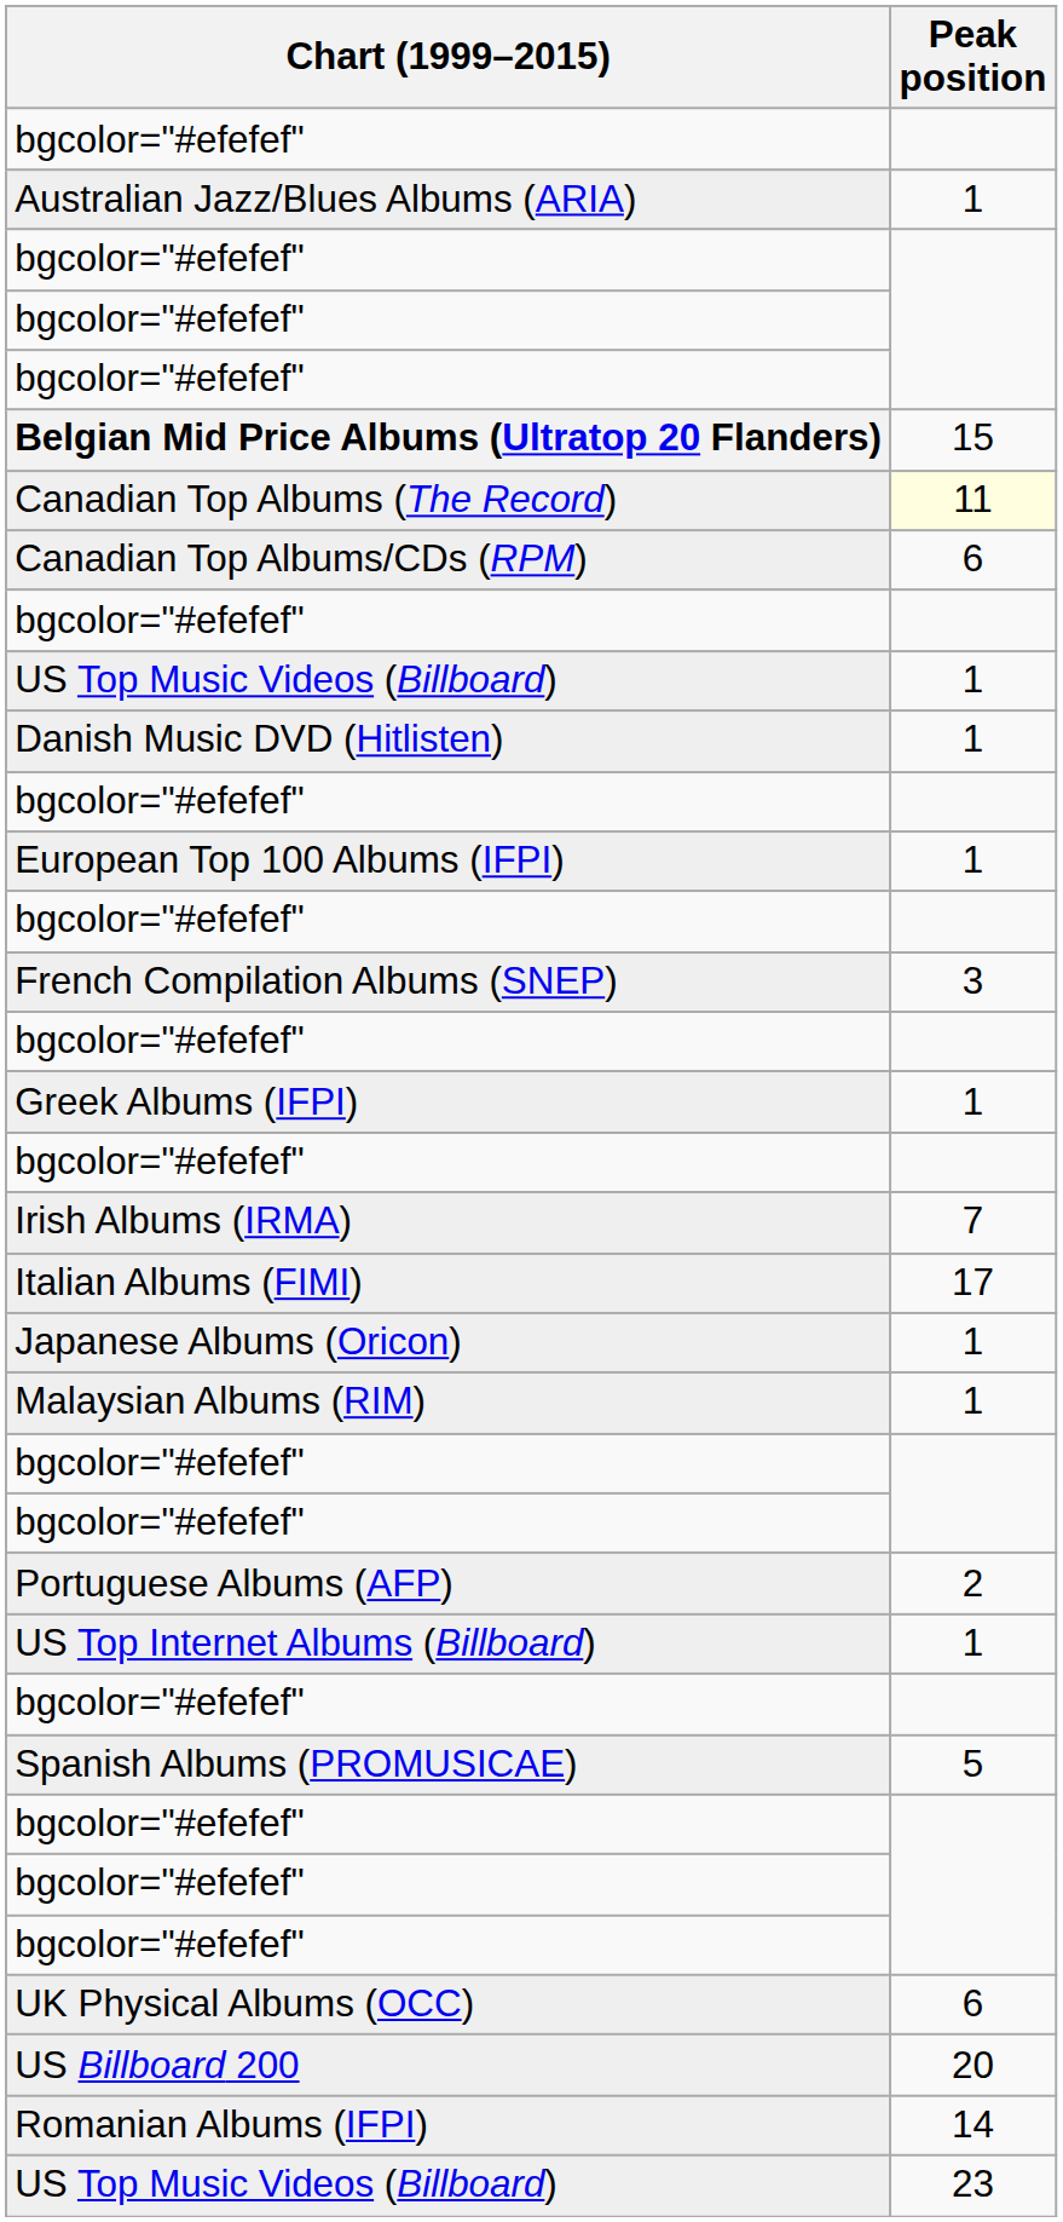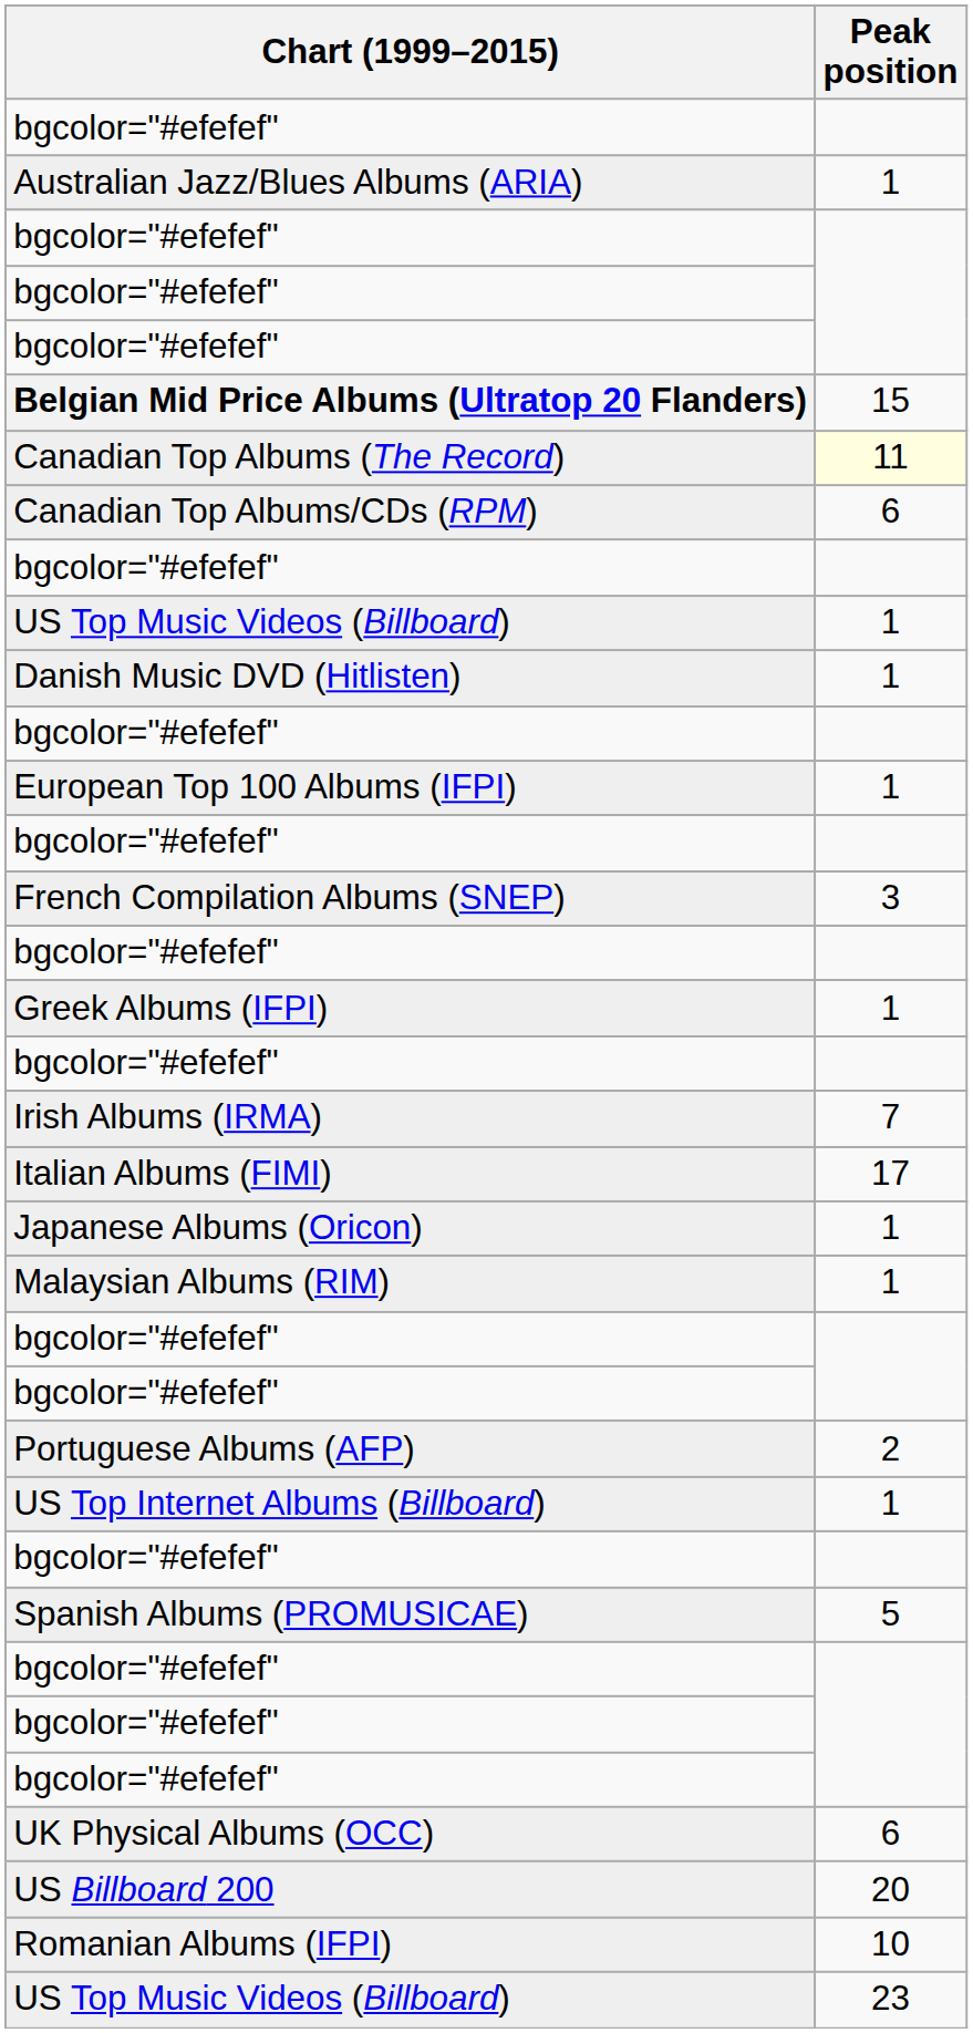 <table class="wikitable sortable plainrowheaders">
 <tr>
 <th>Chart (1999–2015)</th>
 <th>Peak<br>position</th>
 </tr>
 <tr>
 <td>bgcolor="#efefef" </td>
 </tr>
 <tr>
 <td bgcolor="#efefef">Australian Jazz/Blues Albums (<a href='#'>ARIA</a>)</td>
 <td align="center">1</td>
 </tr>
 <tr>
 <td>bgcolor="#efefef" </td>
 </tr>
 <tr>
 <td>bgcolor="#efefef" </td>
 </tr>
 <tr>
 <td>bgcolor="#efefef" </td>
 </tr>
 <tr>
 <th scope="row">Belgian Mid Price Albums (<a href='#'>Ultratop 20</a> Flanders)</th>
 <td align="center">15</td>
 </tr>
 <tr>
 <td bgcolor="#efefef">Canadian Top Albums (<a href='#'><em>The Record</em></a>)</td>
 <td align="center" style="background: lightyellow;">11</td>
 </tr>
 <tr>
 <td bgcolor="#efefef">Canadian Top Albums/CDs (<a href='#'><em>RPM</em></a>)</td>
 <td align="center">6</td>
 </tr>
 <tr>
 <td>bgcolor="#efefef" </td>
 </tr>
 <tr>
 <td bgcolor="#efefef">US <a href='#'>Top Music Videos</a> (<a href='#'><em>Billboard</em></a>)</td>
 <td align="center">1</td>
 </tr>
 <tr>
 <td bgcolor="#efefef">Danish Music DVD (<a href='#'>Hitlisten</a>)</td>
 <td align="center">1</td>
 </tr>
 <tr>
 <td>bgcolor="#efefef" </td>
 </tr>
 <tr>
 <td bgcolor="#efefef">European Top 100 Albums (<a href='#'>IFPI</a>)</td>
 <td align="center">1</td>
 </tr>
 <tr>
 <td>bgcolor="#efefef" </td>
 </tr>
 <tr>
 <td bgcolor="#efefef">French Compilation Albums (<a href='#'>SNEP</a>)</td>
 <td align="center">3</td>
 </tr>
 <tr>
 <td>bgcolor="#efefef" </td>
 </tr>
 <tr>
 <td bgcolor="#efefef">Greek Albums (<a href='#'>IFPI</a>)</td>
 <td align="center">1</td>
 </tr>
 <tr>
 <td>bgcolor="#efefef" </td>
 </tr>
 <tr>
 <td bgcolor="#efefef">Irish Albums (<a href='#'>IRMA</a>)</td>
 <td align="center">7</td>
 </tr>
 <tr>
 <td bgcolor="#efefef">Italian Albums (<a href='#'>FIMI</a>)</td>
 <td align="center">17</td>
 </tr>
 <tr>
 <td bgcolor="#efefef">Japanese Albums (<a href='#'>Oricon</a>)</td>
 <td align="center">1</td>
 </tr>
 <tr>
 <td bgcolor="#efefef">Malaysian Albums (<a href='#'>RIM</a>)</td>
 <td align="center">1</td>
 </tr>
 <tr>
 <td>bgcolor="#efefef" </td>
 </tr>
 <tr>
 <td>bgcolor="#efefef" </td>
 </tr>
 <tr>
 <td bgcolor="#efefef">Portuguese Albums (<a href='#'>AFP</a>)</td>
 <td align="center">2</td>
 </tr>
 <tr>
 <td bgcolor="#efefef">US <a href='#'>Top Internet Albums</a> (<a href='#'><em>Billboard</em></a>)</td>
 <td align="center">1</td>
 </tr>
 <tr>
 <td>bgcolor="#efefef" </td>
 </tr>
 <tr>
 <td bgcolor="#efefef">Spanish Albums (<a href='#'>PROMUSICAE</a>)</td>
 <td align="center">5</td>
 </tr>
 <tr>
 <td>bgcolor="#efefef" </td>
 </tr>
 <tr>
 <td>bgcolor="#efefef" </td>
 </tr>
 <tr>
 <td>bgcolor="#efefef" </td>
 </tr>
 <tr>
 <td bgcolor="#efefef">UK Physical Albums (<a href='#'>OCC</a>)</td>
 <td align="center">6</td>
 </tr>
 <tr>
 <td bgcolor="#efefef">US <a href='#'><em>Billboard</em> 200</a></td>
 <td align="center">20</td>
 </tr>
 <tr>
 <td bgcolor="#efefef">Romanian Albums (<a href='#'>IFPI</a>)</td>
-<td align="center">14</td>
+<td align="center">10</td>
 </tr>
 <tr>
 <td bgcolor="#efefef">US <a href='#'>Top Music Videos</a> (<a href='#'><em>Billboard</em></a>)</td>
 <td align="center">23</td>
 </tr>
 </table>
